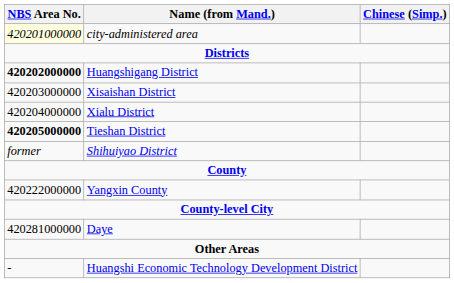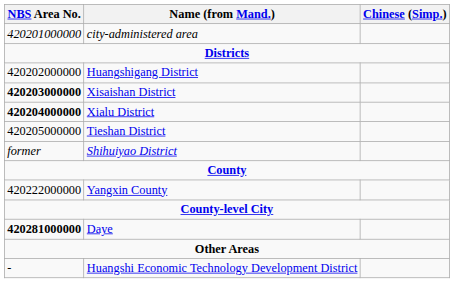 <table class="wikitable sortable">
 <tr>
 <th><a href='#'>NBS</a> Area No.</th>
 <th>Name (from <a href='#'>Mand.</a>)</th>
 <th><a href='#'>Chinese</a> (<a href='#'>Simp.</a>)</th>
 </tr>
 <tr>
-<td style="background: lightyellow;"><em>420201000000</em></td>
+<td><em>420201000000</em></td>
 <td><em>city-administered area</em></td>
 <td></td>
 </tr>
 <tr>
 <td style="text-align:center;" colspan="7"><strong><a href='#'>Districts</a></strong></td>
 </tr>
 <tr>
-<td><strong>420202000000</strong></td>
+<td>420202000000</td>
 <td><a href='#'>Huangshigang District</a></td>
 <td></td>
 </tr>
 <tr>
-<td>420203000000</td>
+<td><strong>420203000000</strong></td>
 <td><a href='#'>Xisaishan District</a></td>
 <td></td>
 </tr>
 <tr>
-<td>420204000000</td>
+<td><strong>420204000000</strong></td>
 <td><a href='#'>Xialu District</a></td>
 <td></td>
 </tr>
 <tr>
-<td><strong>420205000000</strong></td>
+<td>420205000000</td>
 <td><a href='#'>Tieshan District</a></td>
 <td></td>
 </tr>
 <tr>
 <td><em>former</em></td>
 <td><em><a href='#'>Shihuiyao District</a></em></td>
 <td></td>
 </tr>
 <tr>
 <td style="text-align:center;" colspan="7"><strong><a href='#'>County</a></strong></td>
 </tr>
 <tr>
 <td>420222000000</td>
 <td><a href='#'>Yangxin County</a></td>
 <td></td>
 </tr>
 <tr>
 <td style="text-align:center;" colspan="7"><strong><a href='#'>County-level City</a></strong></td>
 </tr>
 <tr>
-<td>420281000000</td>
+<td><strong>420281000000</strong></td>
 <td><a href='#'>Daye</a></td>
 <td></td>
 </tr>
 <tr>
 <td style="text-align:center;" colspan="7"><strong>Other Areas</strong></td>
 </tr>
 <tr>
 <td>-</td>
 <td><a href='#'>Huangshi Economic Technology Development District</a></td>
 <td></td>
 </tr>
 </table>
